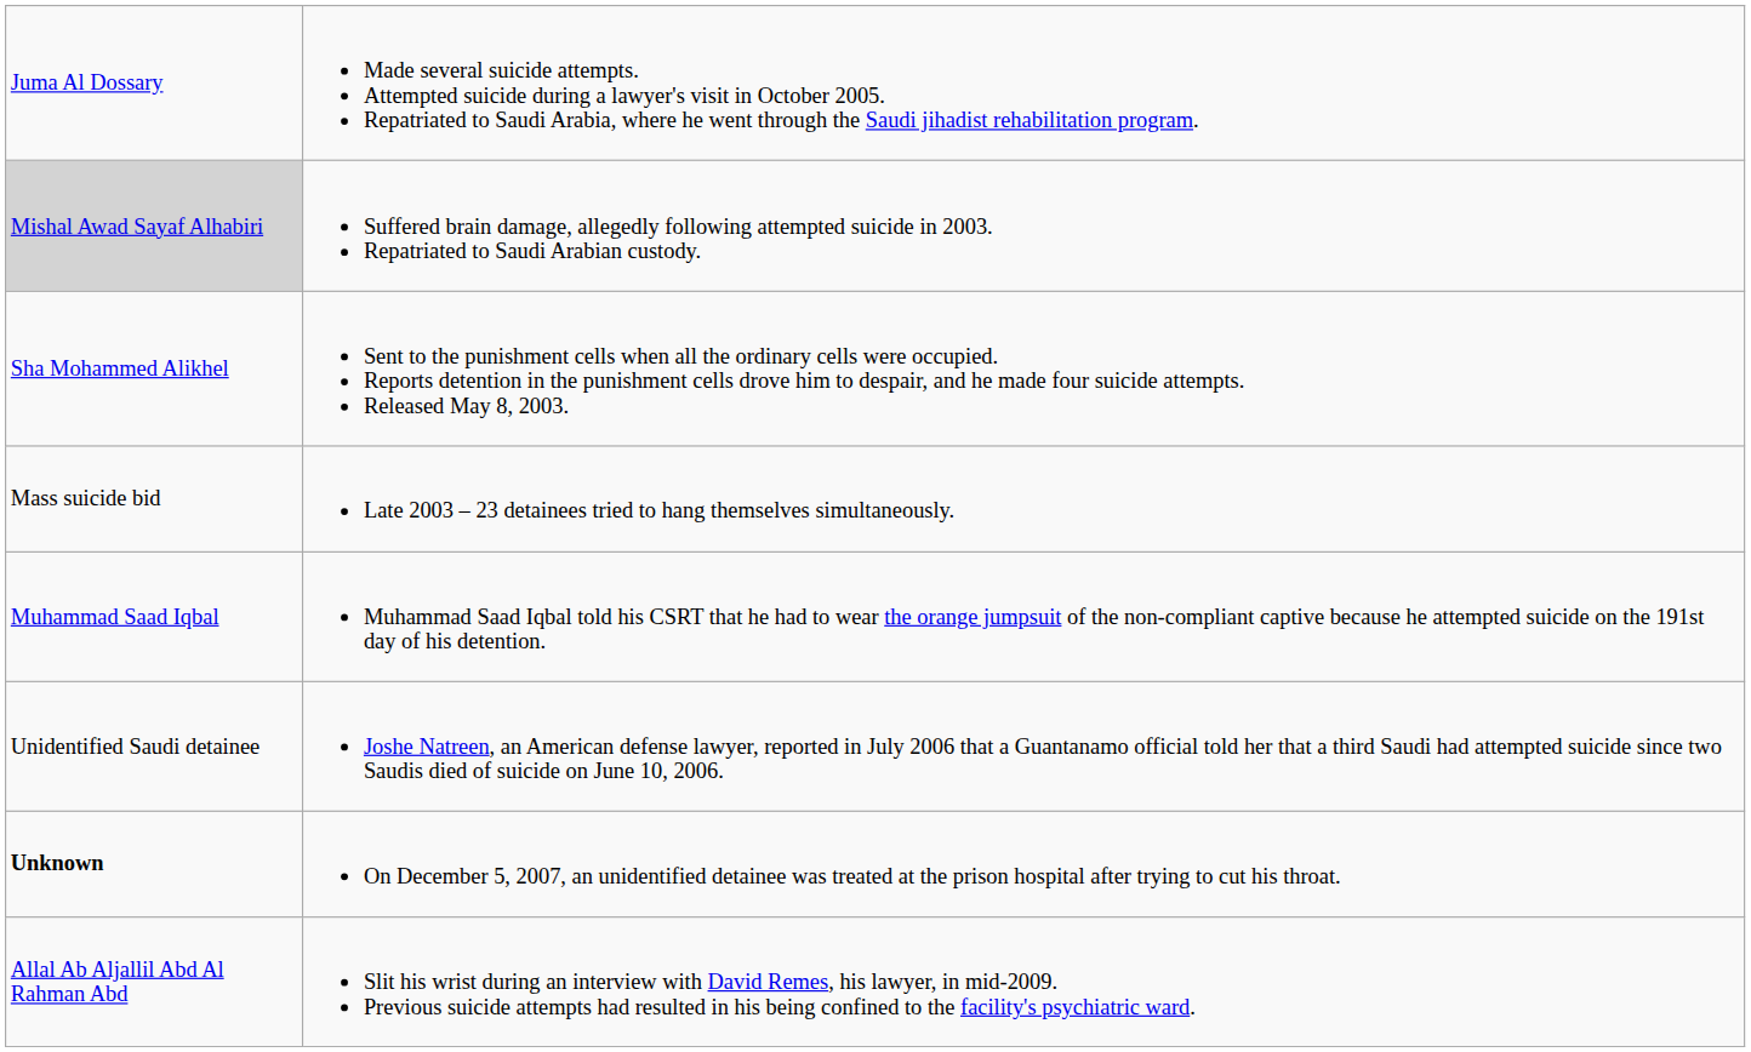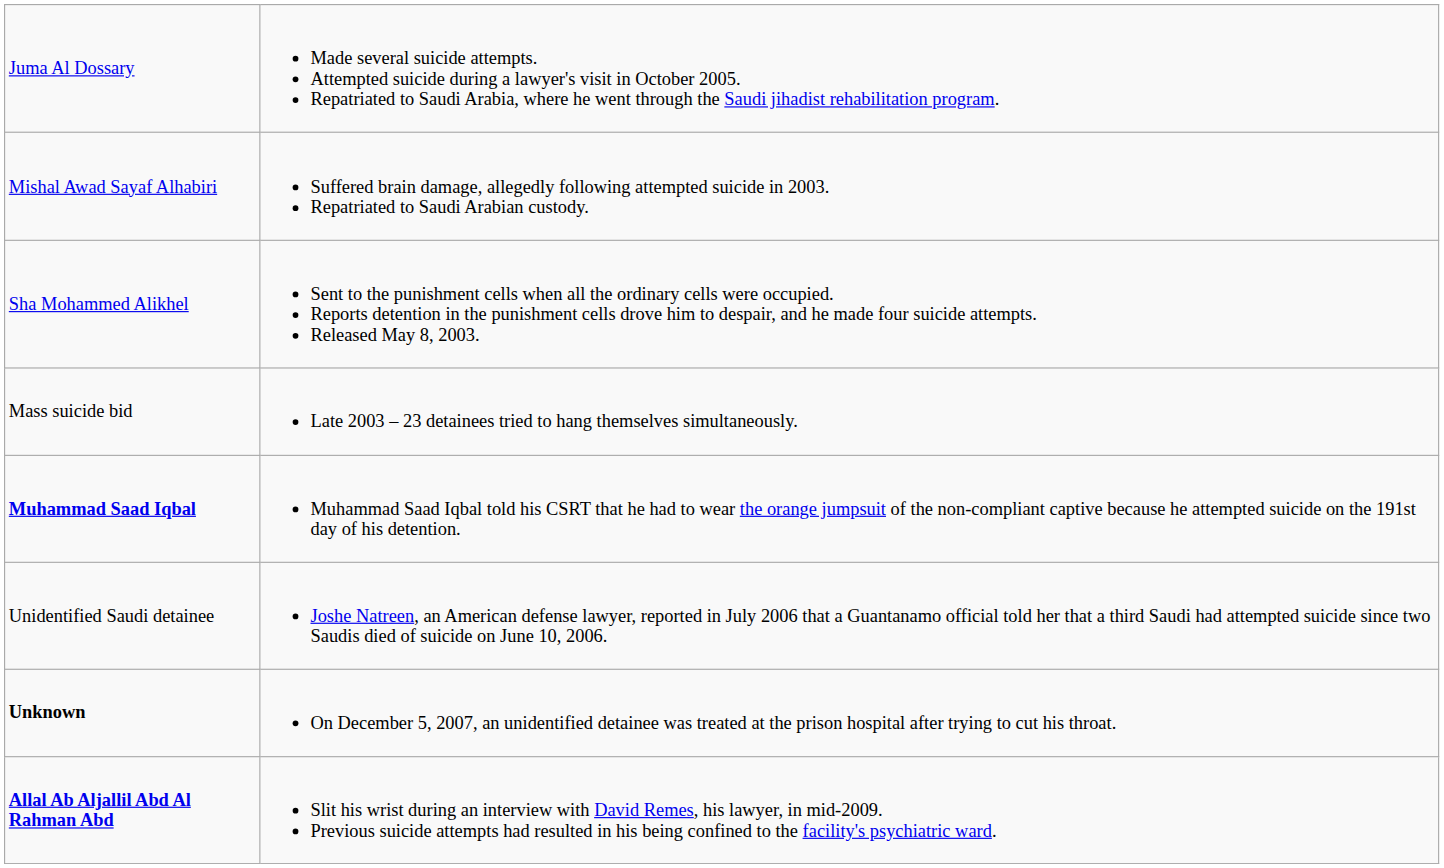 <table class="wikitable">
 <tr>
 <td><a href='#'>Juma Al Dossary</a></td>
 <td><br><ul><li>Made several suicide attempts.</li><li>Attempted suicide during a lawyer's visit in October 2005.</li><li>Repatriated to Saudi Arabia, where he went through the <a href='#'>Saudi jihadist rehabilitation program</a>.</li></ul></td>
 </tr>
 <tr>
-<td style="background: lightgrey;"><a href='#'>Mishal Awad Sayaf Alhabiri</a></td>
+<td><a href='#'>Mishal Awad Sayaf Alhabiri</a></td>
 <td><br><ul><li>Suffered brain damage, allegedly following attempted suicide in 2003.</li><li>Repatriated to Saudi Arabian custody.</li></ul></td>
 </tr>
 <tr>
 <td><a href='#'>Sha Mohammed Alikhel</a></td>
 <td><br><ul><li>Sent to the punishment cells when all the ordinary cells were occupied.</li><li>Reports detention in the punishment cells drove him to despair, and he made four suicide attempts.</li><li>Released May 8, 2003.</li></ul></td>
 </tr>
 <tr>
 <td>Mass suicide bid</td>
 <td><br><ul><li>Late 2003 – 23 detainees tried to hang themselves simultaneously.</li></ul></td>
 </tr>
 <tr>
-<td><a href='#'>Muhammad Saad Iqbal</a></td>
+<td><strong><a href='#'>Muhammad Saad Iqbal</a></strong></td>
 <td><br><ul><li>Muhammad Saad Iqbal told his CSRT that he had to wear <a href='#'>the orange jumpsuit</a> of the non-compliant captive because he attempted suicide on the 191st day of his detention.</li></ul></td>
 </tr>
 <tr>
 <td>Unidentified Saudi detainee</td>
 <td><br><ul><li><a href='#'>Joshe Natreen</a>, an American defense lawyer, reported in July 2006 that a Guantanamo official told her that a third Saudi had attempted suicide since two Saudis died of suicide on June 10, 2006.</li></ul></td>
 </tr>
 <tr>
 <td><strong>Unknown</strong></td>
 <td><br><ul><li>On December 5, 2007, an unidentified detainee was treated at the prison hospital after trying to cut his throat.</li></ul></td>
 </tr>
 <tr>
-<td><a href='#'>Allal Ab Aljallil Abd Al Rahman Abd</a></td>
+<td><strong><a href='#'>Allal Ab Aljallil Abd Al Rahman Abd</a></strong></td>
 <td><br><ul><li>Slit his wrist during an interview with <a href='#'>David Remes</a>, his lawyer, in mid-2009.</li><li>Previous suicide attempts had resulted in his being confined to the <a href='#'>facility's psychiatric ward</a>.</li></ul></td>
 </tr>
 </table>
